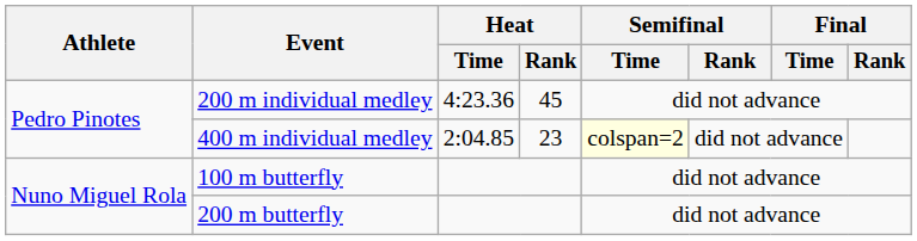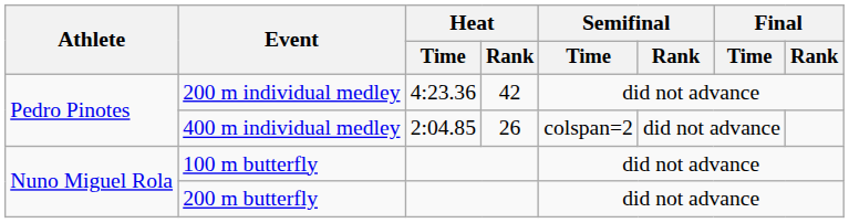 <table class=wikitable style="font-size:90%">
 <tr>
 <th rowspan="2">Athlete</th>
 <th rowspan="2">Event</th>
 <th colspan="2">Heat</th>
 <th colspan="2">Semifinal</th>
 <th colspan="2">Final</th>
 </tr>
 <tr style="font-size:95%">
 <th>Time</th>
 <th>Rank</th>
 <th>Time</th>
 <th>Rank</th>
 <th>Time</th>
 <th>Rank</th>
 </tr>
 <tr align=center>
 <td align=left rowspan=2><a href='#'>Pedro Pinotes</a></td>
 <td align=left><a href='#'>200 m individual medley</a></td>
 <td>4:23.36</td>
-<td>45</td>
+<td>42</td>
 <td colspan=4>did not advance</td>
 </tr>
 <tr align=center>
 <td align=left><a href='#'>400 m individual medley</a></td>
 <td>2:04.85</td>
-<td>23</td>
-<td style="background: lightyellow;">colspan=2 </td>
+<td>26</td>
+<td>colspan=2 </td>
 <td colspan=2>did not advance</td>
 </tr>
 <tr align=center>
 <td align=left rowspan=2><a href='#'>Nuno Miguel Rola</a></td>
 <td align=left><a href='#'>100 m butterfly</a></td>
 <td colspan=2></td>
 <td colspan=4>did not advance</td>
 </tr>
 <tr align=center>
 <td align=left><a href='#'>200 m butterfly</a></td>
 <td colspan=2></td>
 <td colspan=4>did not advance</td>
 </tr>
 </table>
